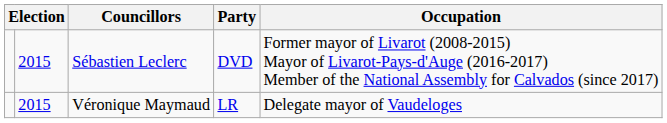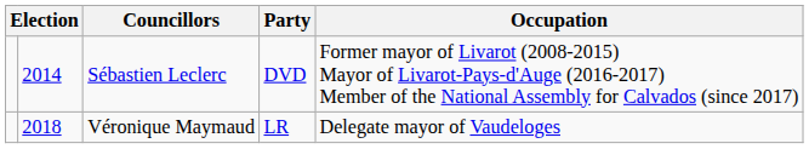 <table class="wikitable">
 <tr>
 <th colspan="2">Election</th>
 <th>Councillors</th>
 <th>Party</th>
 <th>Occupation</th>
 </tr>
 <tr>
 <td style="background-color: "></td>
-<td><a href='#'>2015</a></td>
+<td><a href='#'>2014</a></td>
 <td><a href='#'>Sébastien Leclerc</a></td>
 <td><a href='#'>DVD</a></td>
 <td>Former mayor of <a href='#'>Livarot</a> (2008-2015)<br>Mayor of <a href='#'>Livarot-Pays-d'Auge</a> (2016-2017)<br>Member of the <a href='#'>National Assembly</a> for <a href='#'>Calvados</a> (since 2017)</td>
 </tr>
 <tr>
 <td style="background-color: "></td>
-<td><a href='#'>2015</a></td>
+<td><a href='#'>2018</a></td>
 <td>Véronique Maymaud</td>
 <td><a href='#'>LR</a></td>
 <td>Delegate mayor of <a href='#'>Vaudeloges</a></td>
 </tr>
 </table>
